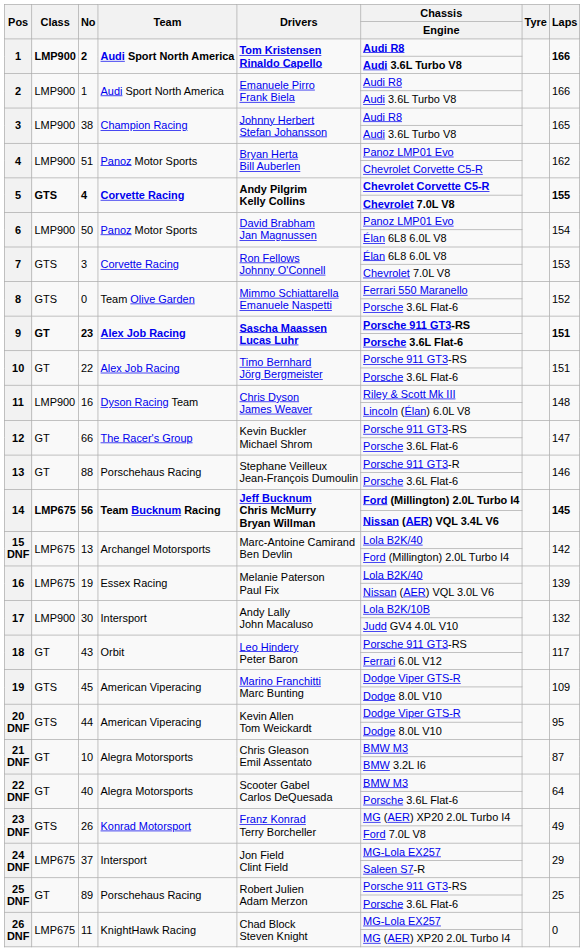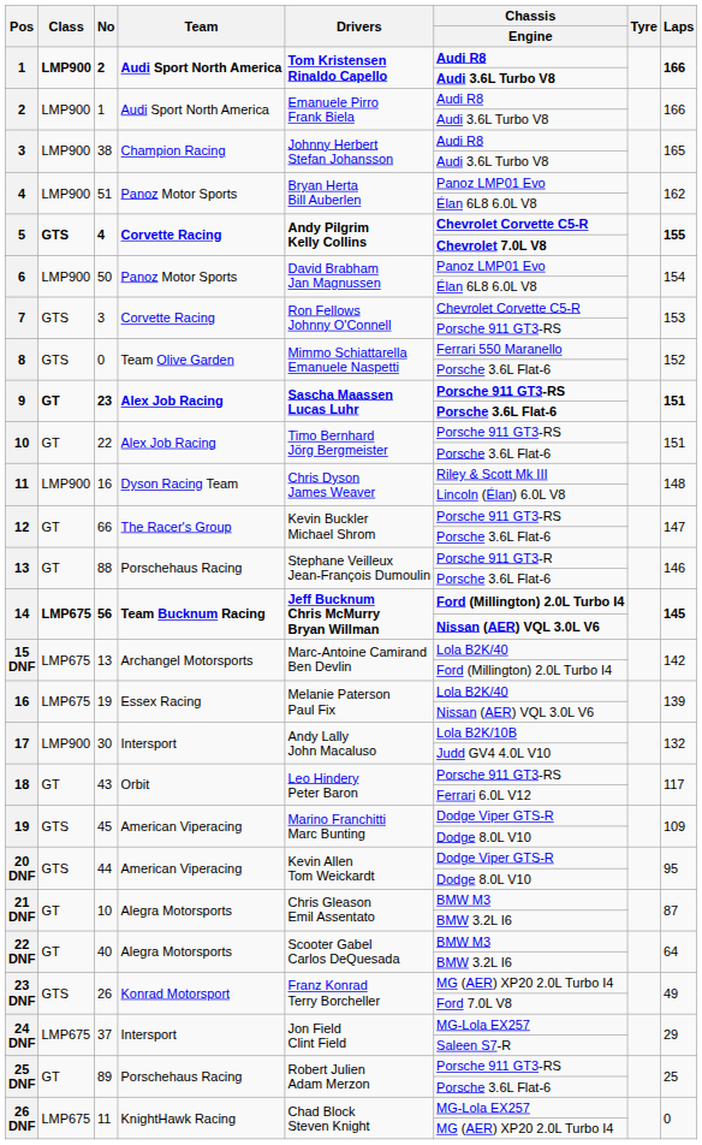 <table class="wikitable" style="font-size: 95%;">
 <tr>
 <th rowspan=2>Pos</th>
 <th rowspan=2>Class</th>
 <th rowspan=2>No</th>
 <th rowspan=2>Team</th>
 <th rowspan=2>Drivers</th>
 <th>Chassis</th>
 <th rowspan=2>Tyre</th>
 <th rowspan=2>Laps</th>
 </tr>
 <tr>
 <th>Engine</th>
 </tr>
 <tr style="font-weight:bold">
 <th rowspan=2>1</th>
 <td rowspan=2>LMP900</td>
 <td rowspan=2>2</td>
 <td rowspan=2> <a href='#'>Audi</a> Sport North America</td>
 <td rowspan=2> <a href='#'>Tom Kristensen</a><br> <a href='#'>Rinaldo Capello</a></td>
 <td><a href='#'>Audi R8</a></td>
 <td rowspan=2></td>
 <td rowspan=2>166</td>
 </tr>
 <tr style="font-weight:bold">
 <td><a href='#'>Audi</a> 3.6L Turbo V8</td>
 </tr>
 <tr>
 <th rowspan=2>2</th>
 <td rowspan=2>LMP900</td>
 <td rowspan=2>1</td>
 <td rowspan=2> <a href='#'>Audi</a> Sport North America</td>
 <td rowspan=2> <a href='#'>Emanuele Pirro</a><br> <a href='#'>Frank Biela</a></td>
 <td><a href='#'>Audi R8</a></td>
 <td rowspan=2></td>
 <td rowspan=2>166</td>
 </tr>
 <tr>
 <td><a href='#'>Audi</a> 3.6L Turbo V8</td>
 </tr>
 <tr>
 <th rowspan=2>3</th>
 <td rowspan=2>LMP900</td>
 <td rowspan=2>38</td>
 <td rowspan=2> <a href='#'>Champion Racing</a></td>
 <td rowspan=2> <a href='#'>Johnny Herbert</a><br> <a href='#'>Stefan Johansson</a></td>
 <td><a href='#'>Audi R8</a></td>
 <td rowspan=2></td>
 <td rowspan=2>165</td>
 </tr>
 <tr>
 <td><a href='#'>Audi</a> 3.6L Turbo V8</td>
 </tr>
 <tr>
 <th rowspan=2>4</th>
 <td rowspan=2>LMP900</td>
 <td rowspan=2>51</td>
 <td rowspan=2> <a href='#'>Panoz</a> Motor Sports</td>
 <td rowspan=2> <a href='#'>Bryan Herta</a><br> <a href='#'>Bill Auberlen</a></td>
 <td><a href='#'>Panoz LMP01 Evo</a></td>
 <td rowspan=2></td>
 <td rowspan=2>162</td>
 </tr>
 <tr>
-<td><a href='#'>Chevrolet Corvette C5-R</a></td>
+<td><a href='#'>Élan</a> 6L8 6.0L V8</td>
 </tr>
 <tr style="font-weight:bold">
 <th rowspan=2>5</th>
 <td rowspan=2>GTS</td>
 <td rowspan=2>4</td>
 <td rowspan=2> <a href='#'>Corvette Racing</a></td>
 <td rowspan=2> Andy Pilgrim<br> Kelly Collins</td>
 <td><a href='#'>Chevrolet Corvette C5-R</a></td>
 <td rowspan=2></td>
 <td rowspan=2>155</td>
 </tr>
 <tr style="font-weight:bold">
 <td><a href='#'>Chevrolet</a> 7.0L V8</td>
 </tr>
 <tr>
 <th rowspan=2>6</th>
 <td rowspan=2>LMP900</td>
 <td rowspan=2>50</td>
 <td rowspan=2> <a href='#'>Panoz</a> Motor Sports</td>
 <td rowspan=2> <a href='#'>David Brabham</a><br> <a href='#'>Jan Magnussen</a></td>
 <td><a href='#'>Panoz LMP01 Evo</a></td>
 <td rowspan=2></td>
 <td rowspan=2>154</td>
 </tr>
 <tr>
 <td><a href='#'>Élan</a> 6L8 6.0L V8</td>
 </tr>
 <tr>
 <th rowspan=2>7</th>
 <td rowspan=2>GTS</td>
 <td rowspan=2>3</td>
 <td rowspan=2> <a href='#'>Corvette Racing</a></td>
 <td rowspan=2> <a href='#'>Ron Fellows</a><br> <a href='#'>Johnny O'Connell</a></td>
-<td><a href='#'>Élan</a> 6L8 6.0L V8</td>
+<td><a href='#'>Chevrolet Corvette C5-R</a></td>
 <td rowspan=2></td>
 <td rowspan=2>153</td>
 </tr>
 <tr>
-<td><a href='#'>Chevrolet</a> 7.0L V8</td>
+<td><a href='#'>Porsche 911 GT3</a>-RS</td>
 </tr>
 <tr>
 <th rowspan=2>8</th>
 <td rowspan=2>GTS</td>
 <td rowspan=2>0</td>
 <td rowspan=2> Team <a href='#'>Olive Garden</a></td>
 <td rowspan=2> <a href='#'>Mimmo Schiattarella</a><br> <a href='#'>Emanuele Naspetti</a></td>
 <td><a href='#'>Ferrari 550 Maranello</a></td>
 <td rowspan=2></td>
 <td rowspan=2>152</td>
 </tr>
 <tr>
 <td><a href='#'>Porsche</a> 3.6L Flat-6</td>
 </tr>
 <tr style="font-weight:bold">
 <th rowspan=2>9</th>
 <td rowspan=2>GT</td>
 <td rowspan=2>23</td>
 <td rowspan=2> <a href='#'>Alex Job Racing</a></td>
 <td rowspan=2> <a href='#'>Sascha Maassen</a><br> <a href='#'>Lucas Luhr</a></td>
 <td><a href='#'>Porsche 911 GT3</a>-RS</td>
 <td rowspan=2></td>
 <td rowspan=2>151</td>
 </tr>
 <tr style="font-weight:bold">
 <td><a href='#'>Porsche</a> 3.6L Flat-6</td>
 </tr>
 <tr>
 <th rowspan=2>10</th>
 <td rowspan=2>GT</td>
 <td rowspan=2>22</td>
 <td rowspan=2> <a href='#'>Alex Job Racing</a></td>
 <td rowspan=2> <a href='#'>Timo Bernhard</a><br> <a href='#'>Jörg Bergmeister</a></td>
 <td><a href='#'>Porsche 911 GT3</a>-RS</td>
 <td rowspan=2></td>
 <td rowspan=2>151</td>
 </tr>
 <tr>
 <td><a href='#'>Porsche</a> 3.6L Flat-6</td>
 </tr>
 <tr>
 <th rowspan=2>11</th>
 <td rowspan=2>LMP900</td>
 <td rowspan=2>16</td>
 <td rowspan=2> <a href='#'>Dyson Racing</a> Team</td>
 <td rowspan=2> <a href='#'>Chris Dyson</a><br> <a href='#'>James Weaver</a></td>
 <td><a href='#'>Riley & Scott Mk III</a></td>
 <td rowspan=2></td>
 <td rowspan=2>148</td>
 </tr>
 <tr>
 <td><a href='#'>Lincoln</a> (<a href='#'>Élan</a>) 6.0L V8</td>
 </tr>
 <tr>
 <th rowspan=2>12</th>
 <td rowspan=2>GT</td>
 <td rowspan=2>66</td>
 <td rowspan=2> <a href='#'>The Racer's Group</a></td>
 <td rowspan=2> Kevin Buckler<br> Michael Shrom</td>
 <td><a href='#'>Porsche 911 GT3</a>-RS</td>
 <td rowspan=2></td>
 <td rowspan=2>147</td>
 </tr>
 <tr>
 <td><a href='#'>Porsche</a> 3.6L Flat-6</td>
 </tr>
 <tr>
 <th rowspan=2>13</th>
 <td rowspan=2>GT</td>
 <td rowspan=2>88</td>
 <td rowspan=2> Porschehaus Racing</td>
 <td rowspan=2> Stephane Veilleux<br> Jean-François Dumoulin</td>
 <td><a href='#'>Porsche 911 GT3</a>-R</td>
 <td rowspan=2></td>
 <td rowspan=2>146</td>
 </tr>
 <tr>
 <td><a href='#'>Porsche</a> 3.6L Flat-6</td>
 </tr>
 <tr style="font-weight:bold">
 <th rowspan=2>14</th>
 <td rowspan=2>LMP675</td>
 <td rowspan=2>56</td>
 <td rowspan=2> Team <a href='#'>Bucknum</a> Racing</td>
 <td rowspan=2> <a href='#'>Jeff Bucknum</a><br> Chris McMurry<br> Bryan Willman</td>
 <td><a href='#'>Ford</a> (Millington) 2.0L Turbo I4</td>
 <td rowspan=2></td>
 <td rowspan=2>145</td>
 </tr>
 <tr style="font-weight:bold">
-<td><a href='#'>Nissan</a> (<a href='#'>AER</a>) VQL 3.4L V6</td>
+<td><a href='#'>Nissan</a> (<a href='#'>AER</a>) VQL 3.0L V6</td>
 </tr>
 <tr>
 <th rowspan=2>15<br>DNF</th>
 <td rowspan=2>LMP675</td>
 <td rowspan=2>13</td>
 <td rowspan=2> Archangel Motorsports</td>
 <td rowspan=2> Marc-Antoine Camirand<br> Ben Devlin</td>
 <td><a href='#'>Lola B2K/40</a></td>
 <td rowspan=2></td>
 <td rowspan=2>142</td>
 </tr>
 <tr>
 <td><a href='#'>Ford</a> (Millington) 2.0L Turbo I4</td>
 </tr>
 <tr>
 <th rowspan=2>16</th>
 <td rowspan=2>LMP675</td>
 <td rowspan=2>19</td>
 <td rowspan=2> Essex Racing</td>
 <td rowspan=2> Melanie Paterson<br> Paul Fix</td>
 <td><a href='#'>Lola B2K/40</a></td>
 <td rowspan=2></td>
 <td rowspan=2>139</td>
 </tr>
 <tr>
 <td><a href='#'>Nissan</a> (<a href='#'>AER</a>) VQL 3.0L V6</td>
 </tr>
 <tr>
 <th rowspan=2>17</th>
 <td rowspan=2>LMP900</td>
 <td rowspan=2>30</td>
 <td rowspan=2> Intersport</td>
 <td rowspan=2> Andy Lally<br> John Macaluso</td>
 <td><a href='#'>Lola B2K/10B</a></td>
 <td rowspan=2></td>
 <td rowspan=2>132</td>
 </tr>
 <tr>
 <td><a href='#'>Judd</a> GV4 4.0L V10</td>
 </tr>
 <tr>
 <th rowspan=2>18</th>
 <td rowspan=2>GT</td>
 <td rowspan=2>43</td>
 <td rowspan=2> Orbit</td>
 <td rowspan=2> <a href='#'>Leo Hindery</a><br> Peter Baron</td>
 <td><a href='#'>Porsche 911 GT3</a>-RS</td>
 <td rowspan=2></td>
 <td rowspan=2>117</td>
 </tr>
 <tr>
 <td><a href='#'>Ferrari</a> 6.0L V12</td>
 </tr>
 <tr>
 <th rowspan=2>19</th>
 <td rowspan=2>GTS</td>
 <td rowspan=2>45</td>
 <td rowspan=2> American Viperacing</td>
 <td rowspan=2> <a href='#'>Marino Franchitti</a><br> Marc Bunting</td>
 <td><a href='#'>Dodge Viper GTS-R</a></td>
 <td rowspan=2></td>
 <td rowspan=2>109</td>
 </tr>
 <tr>
 <td><a href='#'>Dodge</a> 8.0L V10</td>
 </tr>
 <tr>
 <th rowspan=2>20<br>DNF</th>
 <td rowspan=2>GTS</td>
 <td rowspan=2>44</td>
 <td rowspan=2> American Viperacing</td>
 <td rowspan=2> Kevin Allen<br> Tom Weickardt</td>
 <td><a href='#'>Dodge Viper GTS-R</a></td>
 <td rowspan=2></td>
 <td rowspan=2>95</td>
 </tr>
 <tr>
 <td><a href='#'>Dodge</a> 8.0L V10</td>
 </tr>
 <tr>
 <th rowspan=2>21<br>DNF</th>
 <td rowspan=2>GT</td>
 <td rowspan=2>10</td>
 <td rowspan=2> Alegra Motorsports</td>
 <td rowspan=2> Chris Gleason<br> Emil Assentato</td>
 <td><a href='#'>BMW M3</a></td>
 <td rowspan=2></td>
 <td rowspan=2>87</td>
 </tr>
 <tr>
 <td><a href='#'>BMW</a> 3.2L I6</td>
 </tr>
 <tr>
 <th rowspan=2>22<br>DNF</th>
 <td rowspan=2>GT</td>
 <td rowspan=2>40</td>
 <td rowspan=2> Alegra Motorsports</td>
 <td rowspan=2> Scooter Gabel<br> Carlos DeQuesada</td>
 <td><a href='#'>BMW M3</a></td>
 <td rowspan=2></td>
 <td rowspan=2>64</td>
 </tr>
 <tr>
-<td><a href='#'>Porsche</a> 3.6L Flat-6</td>
+<td><a href='#'>BMW</a> 3.2L I6</td>
 </tr>
 <tr>
 <th rowspan=2>23<br>DNF</th>
 <td rowspan=2>GTS</td>
 <td rowspan=2>26</td>
 <td rowspan=2> <a href='#'>Konrad Motorsport</a></td>
 <td rowspan=2> <a href='#'>Franz Konrad</a><br> Terry Borcheller</td>
 <td><a href='#'>MG</a> (<a href='#'>AER</a>) XP20 2.0L Turbo I4</td>
 <td rowspan=2></td>
 <td rowspan=2>49</td>
 </tr>
 <tr>
 <td><a href='#'>Ford</a> 7.0L V8</td>
 </tr>
 <tr>
 <th rowspan=2>24<br>DNF</th>
 <td rowspan=2>LMP675</td>
 <td rowspan=2>37</td>
 <td rowspan=2> Intersport</td>
 <td rowspan=2> Jon Field<br> Clint Field</td>
 <td><a href='#'>MG-Lola EX257</a></td>
 <td rowspan=2></td>
 <td rowspan=2>29</td>
 </tr>
 <tr>
 <td><a href='#'>Saleen S7</a>-R</td>
 </tr>
 <tr>
 <th rowspan=2>25<br>DNF</th>
 <td rowspan=2>GT</td>
 <td rowspan=2>89</td>
 <td rowspan=2> Porschehaus Racing</td>
 <td rowspan=2> Robert Julien<br> Adam Merzon</td>
 <td><a href='#'>Porsche 911 GT3</a>-RS</td>
 <td rowspan=2></td>
 <td rowspan=2>25</td>
 </tr>
 <tr>
 <td><a href='#'>Porsche</a> 3.6L Flat-6</td>
 </tr>
 <tr>
 <th rowspan=2>26<br>DNF</th>
 <td rowspan=2>LMP675</td>
 <td rowspan=2>11</td>
 <td rowspan=2> KnightHawk Racing</td>
 <td rowspan=2> Chad Block<br> Steven Knight</td>
 <td><a href='#'>MG-Lola EX257</a></td>
 <td rowspan=2></td>
 <td rowspan=2>0</td>
 </tr>
 <tr>
 <td><a href='#'>MG</a> (<a href='#'>AER</a>) XP20 2.0L Turbo I4</td>
 </tr>
 </table>
